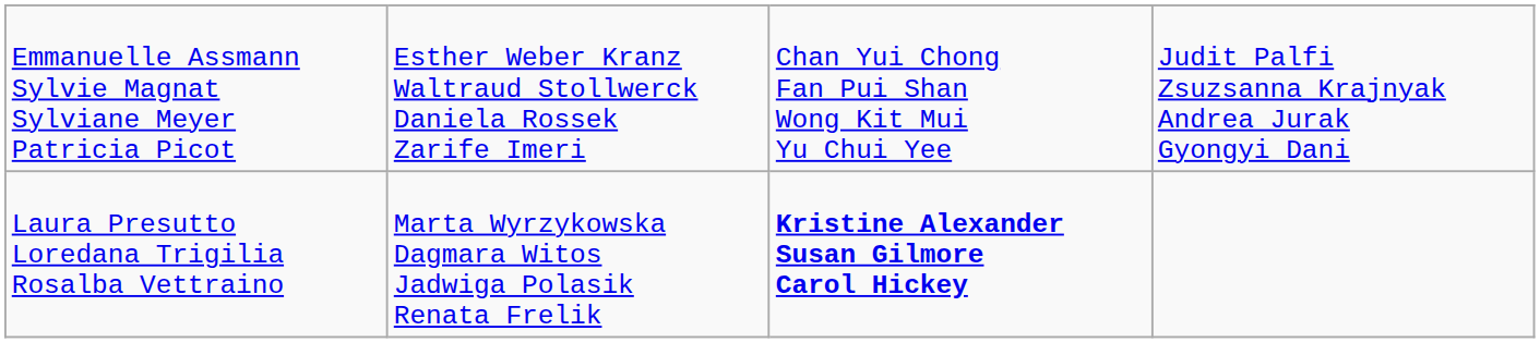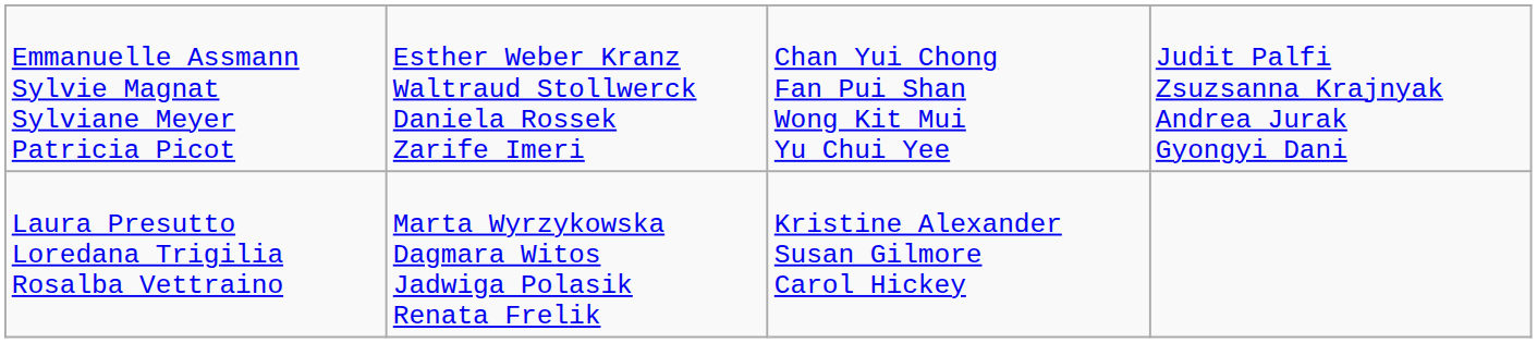 <table class="wikitable">
 <tr>
 <td style="vertical-align:top; width:180px"><br><a href='#'>Emmanuelle Assmann</a><br><a href='#'>Sylvie Magnat</a><br><a href='#'>Sylviane Meyer</a><br><a href='#'>Patricia Picot</a></td>
 <td style="vertical-align:top; width:180px"><br><a href='#'>Esther Weber Kranz</a><br><a href='#'>Waltraud Stollwerck</a><br><a href='#'>Daniela Rossek</a><br><a href='#'>Zarife Imeri</a></td>
 <td style="vertical-align:top; width:180px"><br><a href='#'>Chan Yui Chong</a><br><a href='#'>Fan Pui Shan</a><br><a href='#'>Wong Kit Mui</a><br><a href='#'>Yu Chui Yee</a></td>
 <td style="vertical-align:top; width:180px"><br><a href='#'>Judit Palfi</a><br><a href='#'>Zsuzsanna Krajnyak</a><br><a href='#'>Andrea Jurak</a><br><a href='#'>Gyongyi Dani</a></td>
 </tr>
 <tr>
 <td style="vertical-align:top; width:180px"><br><a href='#'>Laura Presutto</a><br><a href='#'>Loredana Trigilia</a><br><a href='#'>Rosalba Vettraino</a></td>
 <td style="vertical-align:top; width:180px"><br><a href='#'>Marta Wyrzykowska</a><br><a href='#'>Dagmara Witos</a><br><a href='#'>Jadwiga Polasik</a><br><a href='#'>Renata Frelik</a></td>
-<td style="vertical-align:top; width:180px"><strong><br><a href='#'>Kristine Alexander</a><br><a href='#'>Susan Gilmore</a><br><a href='#'>Carol Hickey</a></strong></td>
+<td style="vertical-align:top; width:180px"><br><a href='#'>Kristine Alexander</a><br><a href='#'>Susan Gilmore</a><br><a href='#'>Carol Hickey</a></td>
 </tr>
 </table>
